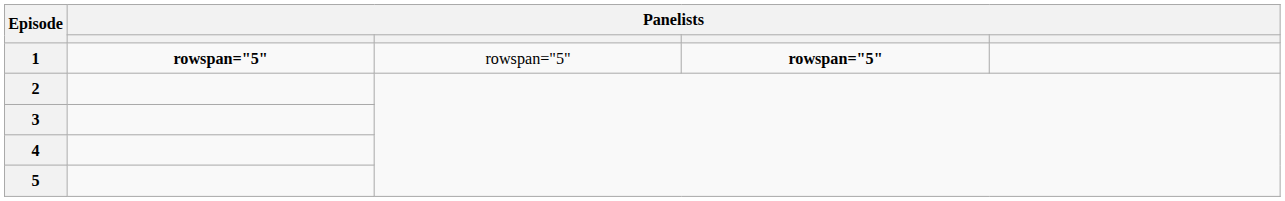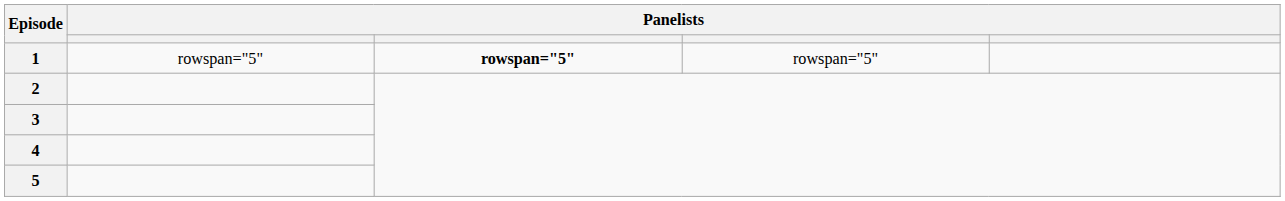 <table class="wikitable plainrowheaders mw-collapsible" style="text-align:center; line-height:23px; width:100%;">
 <tr>
 <th rowspan=2 width=1%>Episode</th>
 <th colspan=4>Panelists</th>
 </tr>
 <tr>
 <th width="25%"></th>
 <th width="25%"></th>
 <th width="25%"></th>
 <th width="25%"></th>
 </tr>
 <tr>
 <th>1</th>
+<td>rowspan="5" </td>
 <td><strong>rowspan="5" </strong></td>
 <td>rowspan="5" </td>
-<td><strong>rowspan="5" </strong></td>
 <td></td>
 </tr>
 <tr>
 <th>2</th>
 <td></td>
 </tr>
 <tr>
 <th>3</th>
 <td></td>
 </tr>
 <tr>
 <th>4</th>
 <td></td>
 </tr>
 <tr>
 <th>5</th>
 <td></td>
 </tr>
 </table>
